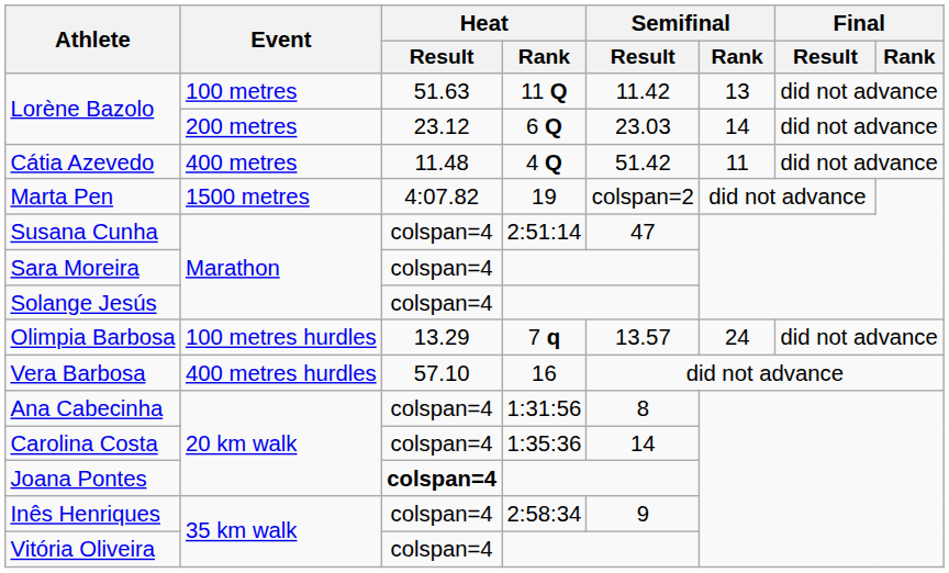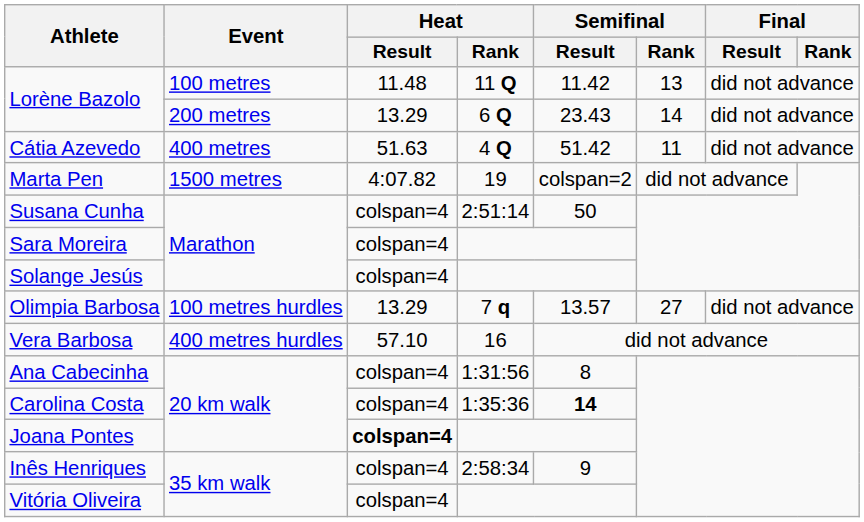 <table class=wikitable style=font-size:90%>
 <tr>
 <th rowspan=2>Athlete</th>
 <th rowspan=2>Event</th>
 <th colspan=2>Heat</th>
 <th colspan=2>Semifinal</th>
 <th colspan=2>Final</th>
 </tr>
 <tr style=font-size:95%>
 <th>Result</th>
 <th>Rank</th>
 <th>Result</th>
 <th>Rank</th>
 <th>Result</th>
 <th>Rank</th>
 </tr>
 <tr align=center>
 <td align=left  rowspan=2><a href='#'>Lorène Bazolo</a></td>
 <td align=left><a href='#'>100 metres</a></td>
-<td>51.63</td>
+<td>11.48</td>
 <td>11 <strong>Q</strong></td>
 <td>11.42</td>
 <td>13</td>
 <td colspan=2>did not advance</td>
 </tr>
 <tr align=center>
 <td align=left><a href='#'>200 metres</a></td>
-<td>23.12</td>
+<td>13.29</td>
 <td>6 <strong>Q</strong></td>
-<td>23.03</td>
+<td>23.43</td>
 <td>14</td>
 <td colspan=2>did not advance</td>
 </tr>
 <tr align=center>
 <td align=left><a href='#'>Cátia Azevedo</a></td>
 <td align=left><a href='#'>400 metres</a></td>
-<td>11.48</td>
+<td>51.63</td>
 <td>4 <strong>Q</strong></td>
 <td>51.42</td>
 <td>11</td>
 <td colspan=2>did not advance</td>
 </tr>
 <tr align=center>
 <td align=left><a href='#'>Marta Pen</a></td>
 <td align=left><a href='#'>1500 metres</a></td>
 <td>4:07.82</td>
 <td>19</td>
 <td>colspan=2</td>
 <td colspan=2>did not advance</td>
 </tr>
 <tr align=center>
 <td align=left><a href='#'>Susana Cunha</a></td>
 <td align=left rowspan=3><a href='#'>Marathon</a></td>
 <td>colspan=4</td>
 <td>2:51:14</td>
-<td>47</td>
+<td>50</td>
 </tr>
 <tr align=center>
 <td align=left><a href='#'>Sara Moreira</a></td>
 <td>colspan=4</td>
 <td colspan=2></td>
 </tr>
 <tr align=center>
 <td align=left><a href='#'>Solange Jesús</a></td>
 <td>colspan=4</td>
 <td colspan=2></td>
 </tr>
 <tr align=center>
 <td align=left><a href='#'>Olimpia Barbosa</a></td>
 <td align=left><a href='#'>100 metres hurdles</a></td>
 <td>13.29</td>
 <td>7 <strong>q</strong></td>
 <td>13.57</td>
-<td>24</td>
+<td>27</td>
 <td colspan=2>did not advance</td>
 </tr>
 <tr align=center>
 <td align=left><a href='#'>Vera Barbosa</a></td>
 <td align=left><a href='#'>400 metres hurdles</a></td>
 <td>57.10</td>
 <td>16</td>
 <td colspan=4>did not advance</td>
 </tr>
 <tr align=center>
 <td align=left><a href='#'>Ana Cabecinha</a></td>
 <td align=left rowspan=3><a href='#'>20 km walk</a></td>
 <td>colspan=4</td>
 <td>1:31:56</td>
 <td>8</td>
 </tr>
 <tr align=center>
 <td align=left><a href='#'>Carolina Costa</a></td>
 <td>colspan=4</td>
 <td>1:35:36 </td>
-<td>14</td>
+<td><strong>14</strong></td>
 </tr>
 <tr align=center>
 <td align=left><a href='#'>Joana Pontes</a></td>
 <td><strong>colspan=4</strong></td>
 <td colspan=2></td>
 </tr>
 <tr align=center>
 <td align=left><a href='#'>Inês Henriques</a></td>
 <td align=left rowspan=2><a href='#'>35 km walk</a></td>
 <td>colspan=4</td>
 <td>2:58:34</td>
 <td>9</td>
 </tr>
 <tr align=center>
 <td align=left><a href='#'>Vitória Oliveira</a></td>
 <td>colspan=4</td>
 <td colspan=2></td>
 </tr>
 </table>
